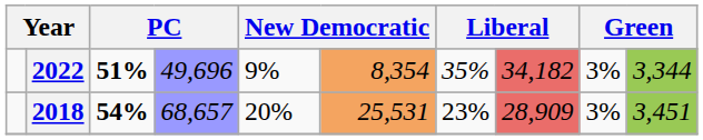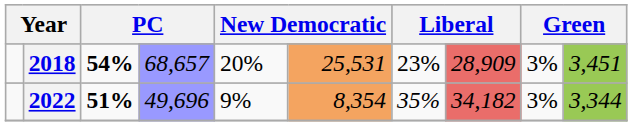 <table class="wikitable" style="width:400; font-size:90%; margin-left:1em;">
 <tr>
 <th colspan="2" scope="col">Year</th>
 <th colspan="2" scope="col"><a href='#'>PC</a></th>
 <th colspan="2" scope="col"><a href='#'>New Democratic</a></th>
 <th colspan="2" scope="col"><a href='#'>Liberal</a></th>
 <th colspan="2" scope="col"><a href='#'>Green</a></th>
+</tr>
+<tr>
+<td style="width: 0.25em; background-color: "></td>
+<th><a href='#'>2018</a></th>
+<td><strong>54%</strong></td>
+<td style="text-align:right; background:#9999FF;"><em>68,657</em></td>
+<td>20%</td>
+<td style="text-align:right; background:#F4A460;"><em>25,531</em></td>
+<td>23%</td>
+<td style="text-align:right; background:#EA6D6A;"><em>28,909</em></td>
+<td>3%</td>
+<td style="text-align:right; background:#99C955;"><em>3,451</em></td>
 </tr>
 <tr>
 <td style="width: 0.25em; background-color: "></td>
 <th><a href='#'>2022</a></th>
 <td><strong>51%</strong></td>
 <td style="text-align:right; background:#9999FF;"><em>49,696</em></td>
 <td>9%</td>
 <td style="text-align:right; background:#F4A460;"><em>8,354</em></td>
 <td><em>35%</em></td>
 <td style="text-align:right; background:#EA6D6A;"><em>34,182</em></td>
 <td>3%</td>
 <td style="text-align:right; background:#99C955;"><em>3,344</em></td>
 </tr>
 <tr>
-<td style="width: 0.25em; background-color: "></td>
-<th><a href='#'>2018</a></th>
-<td><strong>54%</strong></td>
-<td style="text-align:right; background:#9999FF;"><em>68,657</em></td>
-<td>20%</td>
-<td style="text-align:right; background:#F4A460;"><em>25,531</em></td>
-<td>23%</td>
-<td style="text-align:right; background:#EA6D6A;"><em>28,909</em></td>
-<td>3%</td>
-<td style="text-align:right; background:#99C955;"><em>3,451</em></td>
-</tr>
-<tr>
 </tr>
 </table>
